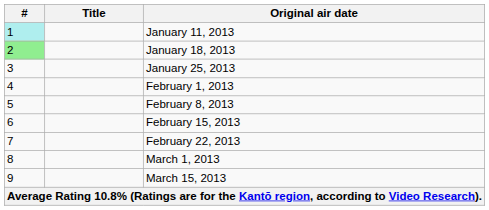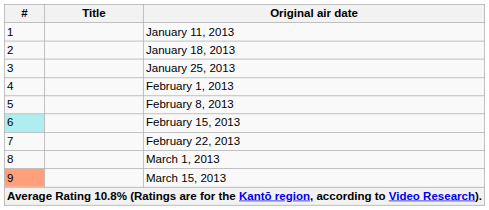 <table class="wikitable">
 <tr>
 <th>#</th>
 <th>Title</th>
 <th>Original air date</th>
 </tr>
 <tr>
-<td style="background: paleturquoise;">1</td>
+<td>1</td>
 <td></td>
 <td>January 11, 2013</td>
 </tr>
 <tr>
-<td style="background: lightgreen;">2</td>
+<td>2</td>
 <td></td>
 <td>January 18, 2013</td>
 </tr>
 <tr>
 <td>3</td>
 <td></td>
 <td>January 25, 2013</td>
 </tr>
 <tr>
 <td>4</td>
 <td></td>
 <td>February 1, 2013</td>
 </tr>
 <tr>
 <td>5</td>
 <td></td>
 <td>February 8, 2013</td>
 </tr>
 <tr>
-<td>6</td>
+<td style="background: paleturquoise;">6</td>
 <td></td>
 <td>February 15, 2013</td>
 </tr>
 <tr>
 <td>7</td>
 <td></td>
 <td>February 22, 2013</td>
 </tr>
 <tr>
 <td>8</td>
 <td></td>
 <td>March 1, 2013</td>
 </tr>
 <tr>
-<td>9</td>
+<td style="background: lightsalmon;">9</td>
 <td></td>
 <td>March 15, 2013</td>
 </tr>
 <tr>
 <th colspan="3">Average Rating 10.8% (Ratings are for the <a href='#'>Kantō region</a>, according to <a href='#'>Video Research</a>).</th>
 </tr>
 </table>
